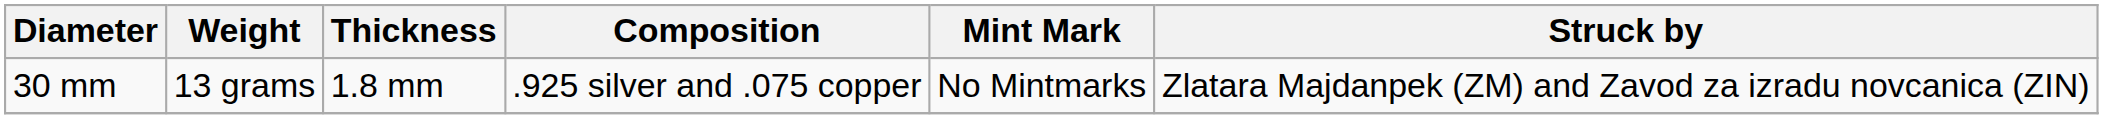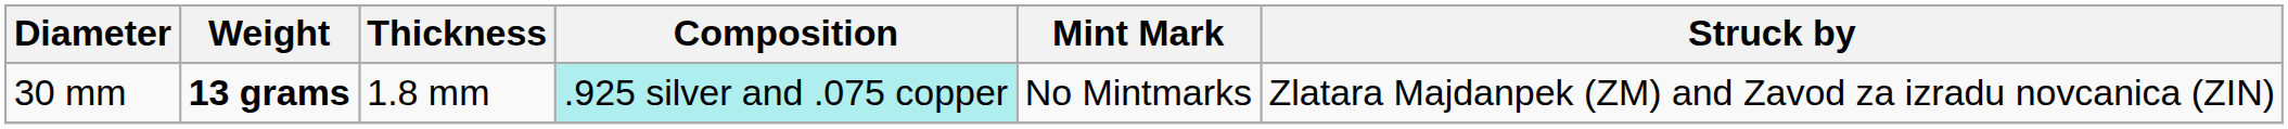 <table class="wikitable">
 <tr>
 <th>Diameter</th>
 <th>Weight</th>
 <th>Thickness</th>
 <th>Composition</th>
 <th>Mint Mark</th>
 <th>Struck by</th>
 </tr>
 <tr>
 <td>30 mm</td>
-<td>13 grams</td>
+<td><strong>13 grams</strong></td>
 <td>1.8 mm</td>
-<td>.925 silver and .075 copper</td>
+<td style="background: paleturquoise;">.925 silver and .075 copper</td>
 <td>No Mintmarks</td>
 <td>Zlatara Majdanpek (ZM) and Zavod za izradu novcanica (ZIN)</td>
 </tr>
 <tr>
 </tr>
 </table>
